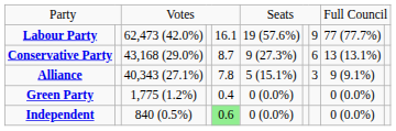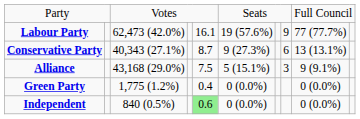 <table class=wikitable style="text-align:center;">
 <tr>
 <td colspan=2>Party</td>
 <td colspan=3>Votes</td>
 <td colspan=3>Seats</td>
 <td colspan=3>Full Council</td>
 </tr>
 <tr>
 <td><strong><a href='#'>Labour Party</a></strong></td>
 <td style="background:"></td>
 <td>62,473 (42.0%)</td>
 <td></td>
 <td> 16.1</td>
 <td>19 (57.6%)</td>
 <td></td>
 <td> 9</td>
 <td>77 (77.7%)</td>
 <td></td>
 </tr>
 <tr>
 <td><strong><a href='#'>Conservative Party</a></strong></td>
 <td style="background:"></td>
-<td>43,168 (29.0%)</td>
+<td>40,343 (27.1%)</td>
 <td></td>
 <td> 8.7</td>
 <td>9 (27.3%)</td>
 <td></td>
 <td> 6</td>
 <td>13 (13.1%)</td>
 <td></td>
 </tr>
 <tr>
 <td><strong><a href='#'>Alliance</a></strong></td>
 <td style="background:"></td>
-<td>40,343 (27.1%)</td>
+<td>43,168 (29.0%)</td>
 <td></td>
-<td> 7.8</td>
+<td> 7.5</td>
 <td>5 (15.1%)</td>
 <td></td>
 <td> 3</td>
 <td>9 (9.1%)</td>
 <td></td>
 </tr>
 <tr>
 <td><strong><a href='#'>Green Party</a></strong></td>
 <td style="background:"></td>
 <td>1,775 (1.2%)</td>
 <td></td>
 <td> 0.4</td>
 <td>0 (0.0%)</td>
 <td></td>
 <td></td>
 <td>0 (0.0%)</td>
 <td></td>
 </tr>
 <tr>
 <td><strong><a href='#'>Independent</a></strong></td>
 <td style="background:"></td>
 <td>840 (0.5%)</td>
 <td></td>
 <td style="background: lightgreen;"> 0.6</td>
 <td>0 (0.0%)</td>
 <td></td>
 <td></td>
 <td>0 (0.0%)</td>
 <td></td>
 </tr>
 </table>
